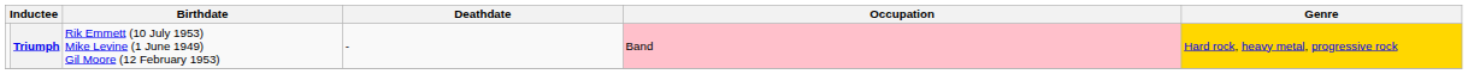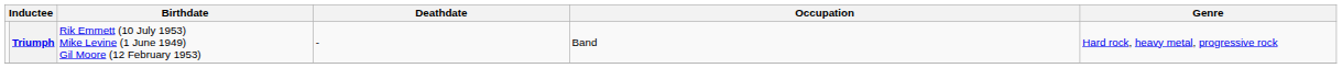 <table class="wikitable" width="100%">
 <tr>
 <th colspan=2>Inductee</th>
 <th width="20%">Birthdate</th>
 <th width="20%">Deathdate</th>
 <th width="40%">Occupation</th>
 <th width="40%">Genre</th>
 </tr>
 <tr>
 <td></td>
 <th><a href='#'>Triumph</a></th>
 <td><a href='#'>Rik Emmett</a> (10 July 1953) <br> <a href='#'>Mike Levine</a> (1 June 1949) <br> <a href='#'>Gil Moore</a> (12 February 1953)</td>
 <td>-</td>
-<td style="background: pink;">Band</td>
-<td style="background: gold;"><a href='#'>Hard rock</a>, <a href='#'>heavy metal</a>, <a href='#'>progressive rock</a></td>
+<td>Band</td>
+<td><a href='#'>Hard rock</a>, <a href='#'>heavy metal</a>, <a href='#'>progressive rock</a></td>
 </tr>
 <tr>
 </tr>
 </table>
